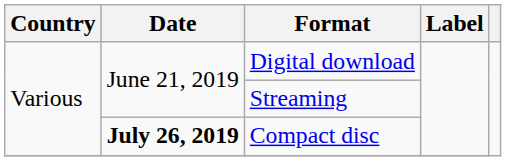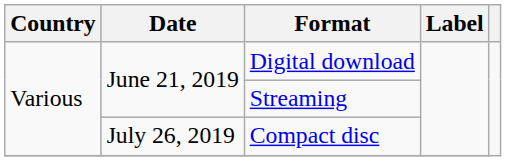 <table class="wikitable">
 <tr>
 <th>Country</th>
 <th>Date</th>
 <th>Format</th>
 <th>Label</th>
 <th></th>
 </tr>
 <tr>
 <td rowspan="3">Various</td>
 <td rowspan="2">June 21, 2019</td>
 <td><a href='#'>Digital download</a></td>
 <td rowspan="3"></td>
 <td rowspan="4"></td>
 </tr>
 <tr>
 <td><a href='#'>Streaming</a></td>
 </tr>
 <tr>
-<td><strong>July 26, 2019</strong></td>
+<td>July 26, 2019</td>
 <td><a href='#'>Compact disc</a></td>
 </tr>
 <tr>
 </tr>
 </table>
